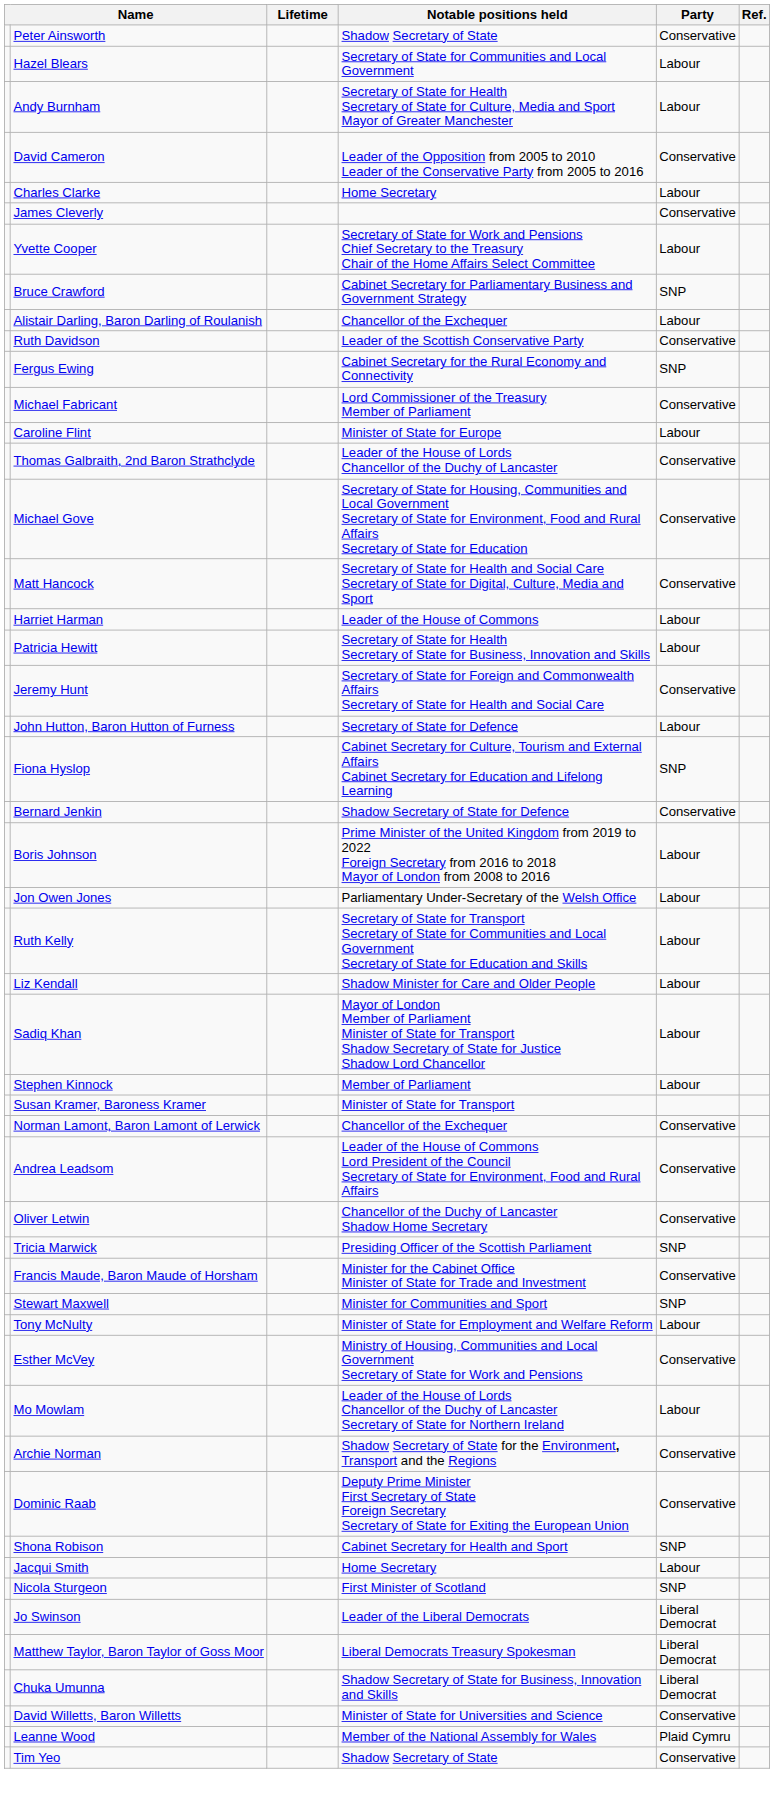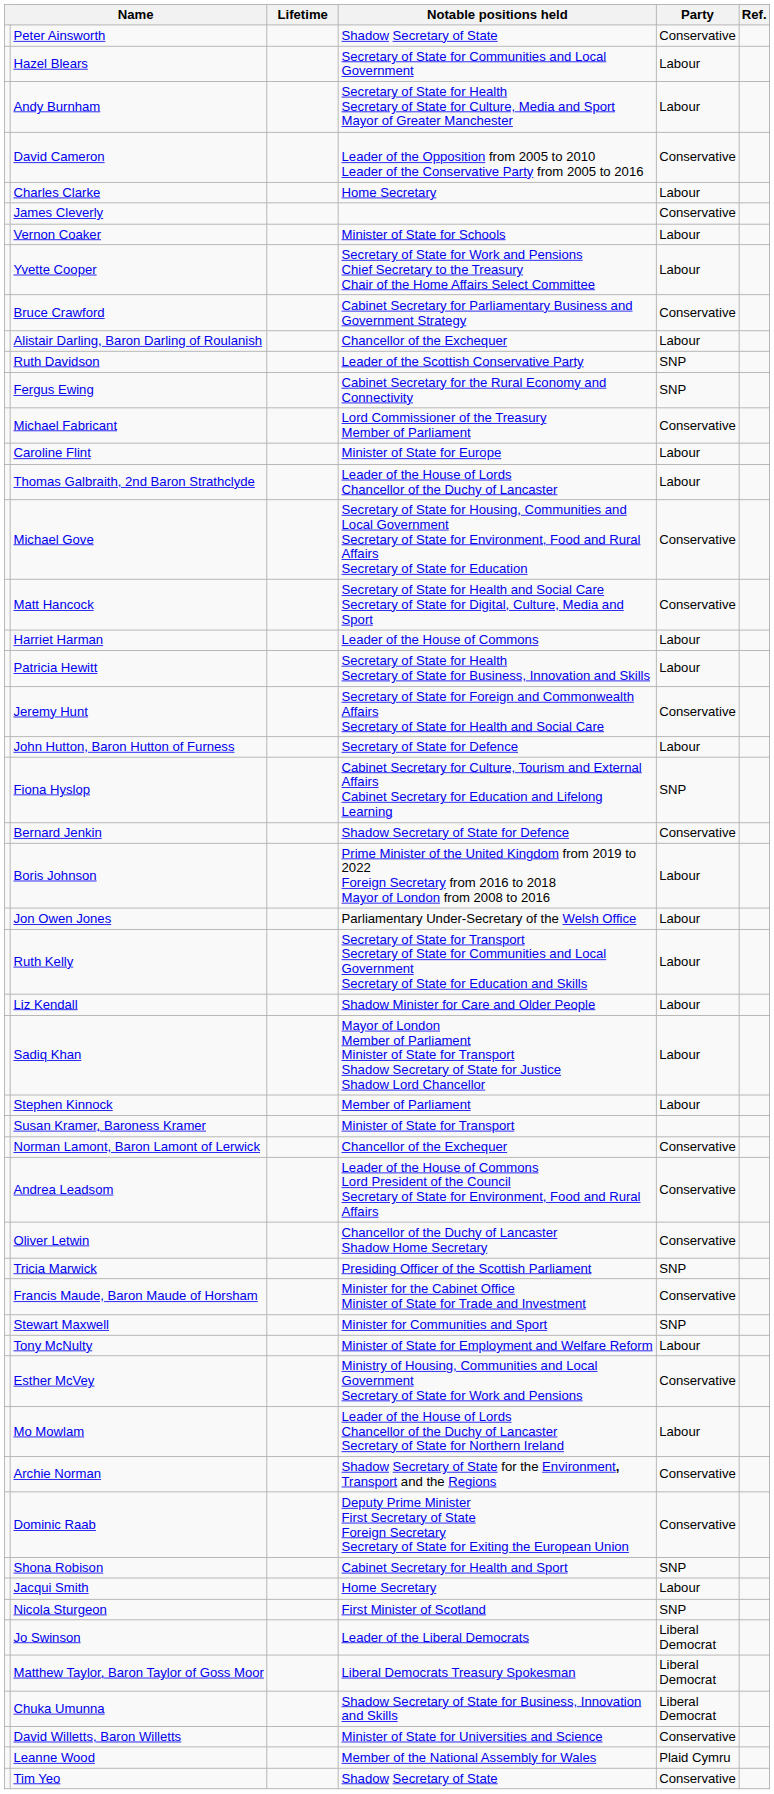 <table class="wikitable sortable">
 <tr>
 <th colspan=2 width=180>Name</th>
 <th width=80>Lifetime</th>
 <th width=380>Notable positions held</th>
 <th width=80>Party</th>
 <th class=unsortable>Ref.</th>
 </tr>
 <tr valign="top">
 <td style="color:inherit;background:"></td>
 <td data-sort-value="Ainsworth"><a href='#'>Peter Ainsworth</a></td>
 <td align="center"></td>
 <td><a href='#'>Shadow</a> <a href='#'>Secretary of State</a></td>
 <td>Conservative</td>
 <td align="center"></td>
 </tr>
 <tr>
 <td style="color:inherit;background:"></td>
 <td data-sort-value="Blears"><a href='#'>Hazel Blears</a></td>
 <td align="center"></td>
 <td><a href='#'>Secretary of State for Communities and Local Government</a></td>
 <td>Labour</td>
 <td align="center"></td>
 </tr>
 <tr>
 <td style="color:inherit;background:"></td>
 <td data-sort-value="Burnham"><a href='#'>Andy Burnham</a></td>
 <td align="center"></td>
 <td><a href='#'>Secretary of State for Health</a><br><a href='#'>Secretary of State for Culture, Media and Sport</a><br><a href='#'>Mayor of Greater Manchester</a></td>
 <td>Labour</td>
 <td align="center"></td>
 </tr>
 <tr>
 <td style="color:inherit;background:"></td>
 <td data-sort-value="Cameron"><a href='#'>David Cameron</a></td>
 <td align="center"></td>
 <td><br><a href='#'>Leader of the Opposition</a> from 2005 to 2010<br><a href='#'>Leader of the Conservative Party</a> from 2005 to 2016</td>
 <td>Conservative</td>
 <td align="center"></td>
 </tr>
 <tr>
 <td style="color:inherit;background:"></td>
 <td data-sort-value="Clarke"><a href='#'>Charles Clarke</a></td>
 <td align="center"></td>
 <td><a href='#'>Home Secretary</a></td>
 <td>Labour</td>
 <td align="center"></td>
 </tr>
 <tr>
 <td style="color:inherit;background:"></td>
 <td data-sort-value="Cleverly"><a href='#'>James Cleverly</a></td>
 <td align="center"></td>
 <td></td>
 <td>Conservative</td>
 <td align="center"></td>
 </tr>
 <tr>
 <td style="color:inherit;background:"></td>
+<td data-sort-value="Coaker"><a href='#'>Vernon Coaker</a></td>
+<td align="center"></td>
+<td><a href='#'>Minister of State for Schools</a></td>
+<td>Labour</td>
+<td align="center"></td>
+</tr>
+<tr>
+<td style="color:inherit;background:"></td>
 <td data-sort-value="Cooper"><a href='#'>Yvette Cooper</a></td>
 <td align="center"></td>
 <td><a href='#'>Secretary of State for Work and Pensions</a><br><a href='#'>Chief Secretary to the Treasury</a><br><a href='#'>Chair of the Home Affairs Select Committee</a></td>
 <td>Labour</td>
 <td align="center"></td>
 </tr>
 <tr>
 <td style="color:inherit;background:"></td>
 <td data-sort-value="Crawford"><a href='#'>Bruce Crawford</a></td>
 <td align="center"></td>
 <td><a href='#'>Cabinet Secretary for Parliamentary Business and Government Strategy</a></td>
-<td>SNP</td>
+<td>Conservative</td>
 <td align="center"></td>
 </tr>
 <tr>
 <td style="color:inherit;background:"></td>
 <td data-sort-value="Darling"><a href='#'>Alistair Darling, Baron Darling of Roulanish</a></td>
 <td align="center"></td>
 <td><a href='#'>Chancellor of the Exchequer</a></td>
 <td>Labour</td>
 <td align="center"></td>
 </tr>
 <tr>
 <td style="color:inherit;background:"></td>
 <td data-sort-value="Davidson"><a href='#'>Ruth Davidson</a></td>
 <td align="center"></td>
 <td><a href='#'>Leader of the Scottish Conservative Party</a></td>
-<td>Conservative</td>
+<td>SNP</td>
 <td align="center"></td>
 </tr>
 <tr>
 <td style="color:inherit;background:"></td>
 <td data-sort-value="Ewing"><a href='#'>Fergus Ewing</a></td>
 <td align="center"></td>
 <td><a href='#'>Cabinet Secretary for the Rural Economy and Connectivity</a></td>
 <td>SNP</td>
 <td align="center"></td>
 </tr>
 <tr>
 <td style="color:inherit;background:"></td>
 <td data-sort-value="Fabricant"><a href='#'>Michael Fabricant</a></td>
 <td align="center"></td>
 <td><a href='#'>Lord Commissioner of the Treasury</a> <br><a href='#'>Member of Parliament</a></td>
 <td>Conservative</td>
 <td align="center"></td>
 </tr>
 <tr>
 <td style="color:inherit;background:"></td>
 <td data-sort-value="Flint"><a href='#'>Caroline Flint</a></td>
 <td align="center"></td>
 <td><a href='#'>Minister of State for Europe</a></td>
 <td>Labour</td>
 <td align="center"></td>
 </tr>
 <tr>
 <td style="color:inherit;background:"></td>
 <td data-sort-value="Galbraith"><a href='#'>Thomas Galbraith, 2nd Baron Strathclyde</a></td>
 <td align="center"></td>
 <td><a href='#'>Leader of the House of Lords</a><br><a href='#'>Chancellor of the Duchy of Lancaster</a></td>
-<td>Conservative</td>
+<td>Labour</td>
 <td align="center"></td>
 </tr>
 <tr>
 <td style="color:inherit;background:"></td>
 <td data-sort-value="Gove"><a href='#'>Michael Gove</a></td>
 <td align="center"></td>
 <td><a href='#'>Secretary of State for Housing, Communities and Local Government</a><br><a href='#'>Secretary of State for Environment, Food and Rural Affairs</a><br><a href='#'>Secretary of State for Education</a></td>
 <td>Conservative</td>
 <td align="center"></td>
 </tr>
 <tr>
 <td style="color:inherit;background:"></td>
 <td data-sort-value="Hancock"><a href='#'>Matt Hancock</a></td>
 <td align="center"></td>
 <td><a href='#'>Secretary of State for Health and Social Care</a><br><a href='#'>Secretary of State for Digital, Culture, Media and Sport</a></td>
 <td>Conservative</td>
 <td align="center"></td>
 </tr>
 <tr>
 <td style="color:inherit;background:"></td>
 <td data-sort-value="Harman"><a href='#'>Harriet Harman</a></td>
 <td align="center"></td>
 <td><a href='#'>Leader of the House of Commons</a></td>
 <td>Labour</td>
 <td align="center"></td>
 </tr>
 <tr>
 <td style="color:inherit;background:"></td>
 <td data-sort-value="Hewitt"><a href='#'>Patricia Hewitt</a></td>
 <td align="center"></td>
 <td><a href='#'>Secretary of State for Health</a><br><a href='#'>Secretary of State for Business, Innovation and Skills</a></td>
 <td>Labour</td>
 <td align="center"></td>
 </tr>
 <tr>
 <td style="color:inherit;background:"></td>
 <td data-sort-value="Hunt"><a href='#'>Jeremy Hunt</a></td>
 <td align="center"></td>
 <td><a href='#'>Secretary of State for Foreign and Commonwealth Affairs</a><br><a href='#'>Secretary of State for Health and Social Care</a></td>
 <td>Conservative</td>
 <td align="center"></td>
 </tr>
 <tr>
 <td style="color:inherit;background:"></td>
 <td data-sort-value="Hutton"><a href='#'>John Hutton, Baron Hutton of Furness</a></td>
 <td align="center"></td>
 <td><a href='#'>Secretary of State for Defence</a></td>
 <td>Labour</td>
 <td align="center"></td>
 </tr>
 <tr>
 <td style="color:inherit;background:"></td>
 <td data-sort-value="Hyslop"><a href='#'>Fiona Hyslop</a></td>
 <td align="center"></td>
 <td><a href='#'>Cabinet Secretary for Culture, Tourism and External Affairs</a><br><a href='#'>Cabinet Secretary for Education and Lifelong Learning</a></td>
 <td>SNP</td>
 <td align="center"></td>
 </tr>
 <tr>
 <td style="color:inherit;background:"></td>
 <td data-sort-value="Jenkin"><a href='#'>Bernard Jenkin</a></td>
 <td align="center"></td>
 <td><a href='#'>Shadow Secretary of State for Defence</a></td>
 <td>Conservative</td>
 <td align="center"></td>
 </tr>
 <tr>
 <td style="color:inherit;background:"></td>
 <td data-sort-value="Johnson"><a href='#'>Boris Johnson</a></td>
 <td align="center"></td>
 <td><a href='#'>Prime Minister of the United Kingdom</a> from 2019 to 2022<br><a href='#'>Foreign Secretary</a> from 2016 to 2018<br><a href='#'>Mayor of London</a> from 2008 to 2016</td>
 <td>Labour</td>
 <td align="center"></td>
 </tr>
 <tr>
 <td style="color:inherit;background:"></td>
 <td data-sort-value="Jones"><a href='#'>Jon Owen Jones</a></td>
 <td align="center"></td>
 <td>Parliamentary Under-Secretary of the <a href='#'>Welsh Office</a></td>
 <td>Labour</td>
 <td align="center"></td>
 </tr>
 <tr>
 <td style="color:inherit;background:"></td>
 <td data-sort-value="Kelly"><a href='#'>Ruth Kelly</a></td>
 <td align="center"></td>
 <td><a href='#'>Secretary of State for Transport</a><br><a href='#'>Secretary of State for Communities and Local Government</a><br><a href='#'>Secretary of State for Education and Skills</a></td>
 <td>Labour</td>
 <td align="center"></td>
 </tr>
 <tr>
 <td style="color:inherit;background:"></td>
 <td data-sort-value="Kendall"><a href='#'>Liz Kendall</a></td>
 <td align="center"></td>
 <td><a href='#'>Shadow Minister for Care and Older People</a></td>
 <td>Labour</td>
 <td align="center"></td>
 </tr>
 <tr>
 <td style="color:inherit;background:"></td>
 <td data-sort-value="Khan"><a href='#'>Sadiq Khan</a></td>
 <td align="center"></td>
 <td><a href='#'>Mayor of London</a><br><a href='#'>Member of Parliament</a><br><a href='#'>Minister of State for Transport</a><br><a href='#'>Shadow Secretary of State for Justice</a><br><a href='#'>Shadow Lord Chancellor</a></td>
 <td>Labour</td>
 <td align="center"></td>
 </tr>
 <tr>
 <td style="color:inherit;background:"></td>
 <td data-sort-value="Kinnock"><a href='#'>Stephen Kinnock</a></td>
 <td align="center"></td>
 <td><a href='#'>Member of Parliament</a></td>
 <td>Labour</td>
 <td align="center"></td>
 </tr>
 <tr>
 <td style="color:inherit;background:"></td>
 <td data-sort-value="Kramer"><a href='#'>Susan Kramer, Baroness Kramer</a></td>
 <td align="center"></td>
 <td><a href='#'>Minister of State for Transport</a></td>
 <td></td>
 <td align="center"></td>
 </tr>
 <tr>
 <td style="color:inherit;background:"></td>
 <td data-sort-value="Lamont"><a href='#'>Norman Lamont, Baron Lamont of Lerwick</a></td>
 <td align="center"></td>
 <td><a href='#'>Chancellor of the Exchequer</a></td>
 <td>Conservative</td>
 <td align="center"></td>
 </tr>
 <tr>
 <td style="color:inherit;background:"></td>
 <td data-sort-value="Leadsom"><a href='#'>Andrea Leadsom</a></td>
 <td align="center"></td>
 <td><a href='#'>Leader of the House of Commons</a><br><a href='#'>Lord President of the Council</a><br><a href='#'>Secretary of State for Environment, Food and Rural Affairs</a></td>
 <td>Conservative</td>
 <td align="center"></td>
 </tr>
 <tr>
 <td style="color:inherit;background:"></td>
 <td data-sort-value="Letwin"><a href='#'>Oliver Letwin</a></td>
 <td align="center"></td>
 <td><a href='#'>Chancellor of the Duchy of Lancaster</a><br><a href='#'>Shadow Home Secretary</a></td>
 <td>Conservative</td>
 <td align="center"></td>
 </tr>
 <tr>
 <td style="color:inherit;background:"></td>
 <td data-sort-value="Marwick"><a href='#'>Tricia Marwick</a></td>
 <td align="center"></td>
 <td><a href='#'>Presiding Officer of the Scottish Parliament</a></td>
 <td>SNP</td>
 <td align="center"></td>
 </tr>
 <tr>
 <td style="color:inherit;background:"></td>
 <td data-sort-value="Maude"><a href='#'>Francis Maude, Baron Maude of Horsham</a></td>
 <td align="center"></td>
 <td><a href='#'>Minister for the Cabinet Office</a><br><a href='#'>Minister of State for Trade and Investment</a></td>
 <td>Conservative</td>
 <td align="center"></td>
 </tr>
 <tr>
 <td style="color:inherit;background:"></td>
 <td data-sort-value="Maxwell"><a href='#'>Stewart Maxwell</a></td>
 <td align="center"></td>
 <td><a href='#'>Minister for Communities and Sport</a></td>
 <td>SNP</td>
 <td align="center"></td>
 </tr>
 <tr>
 <td style="color:inherit;background:"></td>
 <td data-sort-value="McNulty"><a href='#'>Tony McNulty</a></td>
 <td align="center"></td>
 <td><a href='#'>Minister of State for Employment and Welfare Reform</a></td>
 <td>Labour</td>
 <td align="center"></td>
 </tr>
 <tr>
 <td style="color:inherit;background:"></td>
 <td data-sort-value="McVey"><a href='#'>Esther McVey</a></td>
 <td align="center"></td>
 <td><a href='#'>Ministry of Housing, Communities and Local Government</a><br><a href='#'>Secretary of State for Work and Pensions</a></td>
 <td>Conservative</td>
 <td align="center"></td>
 </tr>
 <tr>
 <td style="color:inherit;background:"></td>
 <td data-sort-value="Mowlam"><a href='#'>Mo Mowlam</a></td>
 <td align="center"></td>
 <td><a href='#'>Leader of the House of Lords</a><br><a href='#'>Chancellor of the Duchy of Lancaster</a><br><a href='#'>Secretary of State for Northern Ireland</a></td>
 <td>Labour</td>
 <td align="center"></td>
 </tr>
 <tr>
 <td style="color:inherit;background:"></td>
 <td data-sort-value="Norman"><a href='#'>Archie Norman</a></td>
 <td align="center"></td>
 <td><a href='#'>Shadow</a> <a href='#'>Secretary of State</a> for the <a href='#'>Environment</a><strong>,</strong> <a href='#'>Transport</a> and the <a href='#'>Regions</a></td>
 <td>Conservative</td>
 <td align="center"></td>
 </tr>
 <tr>
 <td style="color:inherit;background:"></td>
 <td data-sort-value="Raab"><a href='#'>Dominic Raab</a></td>
 <td align="center"></td>
 <td><a href='#'>Deputy Prime Minister</a><br><a href='#'>First Secretary of State</a><br><a href='#'>Foreign Secretary</a><br><a href='#'>Secretary of State for Exiting the European Union</a></td>
 <td>Conservative</td>
 <td align="center"></td>
 </tr>
 <tr>
 <td style="color:inherit;background:"></td>
 <td data-sort-value="Robison"><a href='#'>Shona Robison</a></td>
 <td align="center"></td>
 <td><a href='#'>Cabinet Secretary for Health and Sport</a></td>
 <td>SNP</td>
 <td align="center"></td>
 </tr>
 <tr>
 <td style="color:inherit;background:"></td>
 <td data-sort-value="Smith"><a href='#'>Jacqui Smith</a></td>
 <td align="center"></td>
 <td><a href='#'>Home Secretary</a></td>
 <td>Labour</td>
 <td align="center"></td>
 </tr>
 <tr>
 <td style="color:inherit;background:"></td>
 <td data-sort-value="Sturgeon"><a href='#'>Nicola Sturgeon</a></td>
 <td align="center"></td>
 <td><a href='#'>First Minister of Scotland</a></td>
 <td>SNP</td>
 <td align="center"></td>
 </tr>
 <tr>
 <td style="color:inherit;background:"></td>
 <td data-sort-value="Swinson"><a href='#'>Jo Swinson</a></td>
 <td align="center"></td>
 <td><a href='#'>Leader of the Liberal Democrats</a></td>
 <td>Liberal Democrat</td>
 <td align="center"></td>
 </tr>
 <tr>
 <td style="color:inherit;background:"></td>
 <td data-sort-value="Taylor"><a href='#'>Matthew Taylor, Baron Taylor of Goss Moor</a></td>
 <td align="center"></td>
 <td><a href='#'>Liberal Democrats Treasury Spokesman</a></td>
 <td>Liberal Democrat</td>
 <td align="center"></td>
 </tr>
 <tr>
 <td style="color:inherit;background:"></td>
 <td data-sort-value="Umanna"><a href='#'>Chuka Umunna</a></td>
 <td align="center"></td>
 <td><a href='#'>Shadow Secretary of State for Business, Innovation and Skills</a></td>
 <td>Liberal Democrat</td>
 <td align="center"></td>
 </tr>
 <tr>
 <td style="color:inherit;background:"></td>
 <td data-sort-value="Willetts"><a href='#'>David Willetts, Baron Willetts</a></td>
 <td align="center"></td>
 <td><a href='#'>Minister of State for Universities and Science</a></td>
 <td>Conservative</td>
 <td align="center"></td>
 </tr>
 <tr>
 <td style="color:inherit;background:"></td>
 <td data-sort-value="Wood"><a href='#'>Leanne Wood</a></td>
 <td align="center"></td>
 <td><a href='#'>Member of the National Assembly for Wales</a></td>
 <td>Plaid Cymru</td>
 <td align="center"></td>
 </tr>
 <tr>
 <td style="color:inherit;background:"></td>
 <td data-sort-value="Yeo"><a href='#'>Tim Yeo</a></td>
 <td align="center"></td>
 <td><a href='#'>Shadow</a> <a href='#'>Secretary of State</a></td>
 <td>Conservative</td>
 <td align="center"></td>
 </tr>
 </table>
